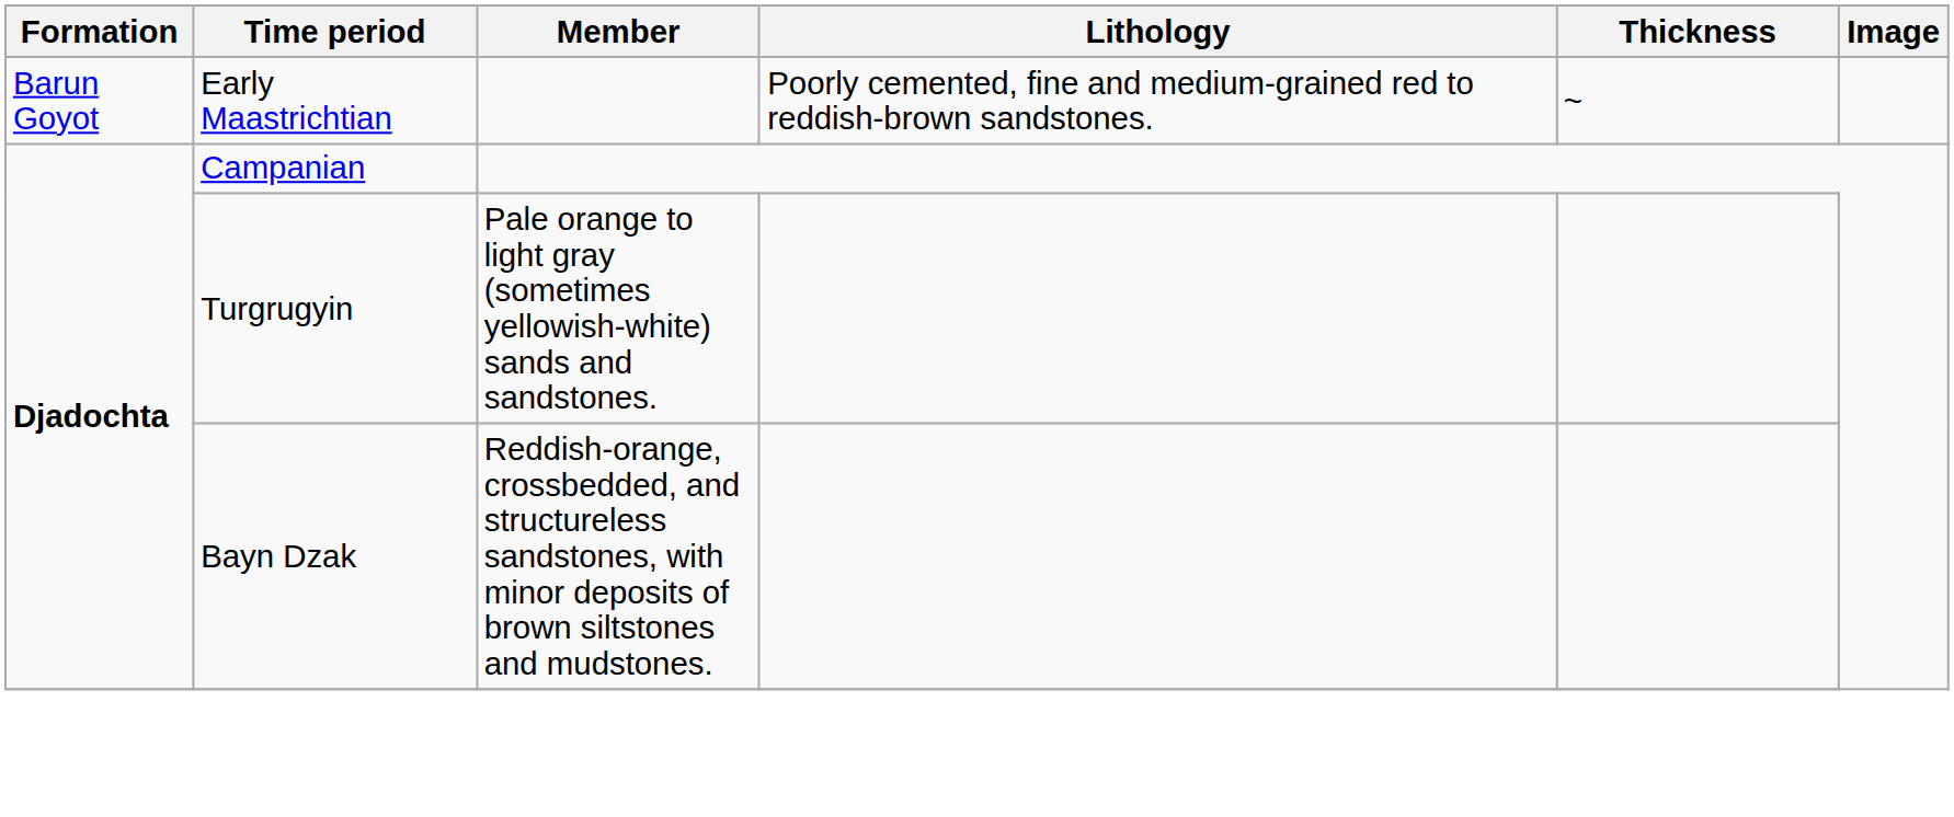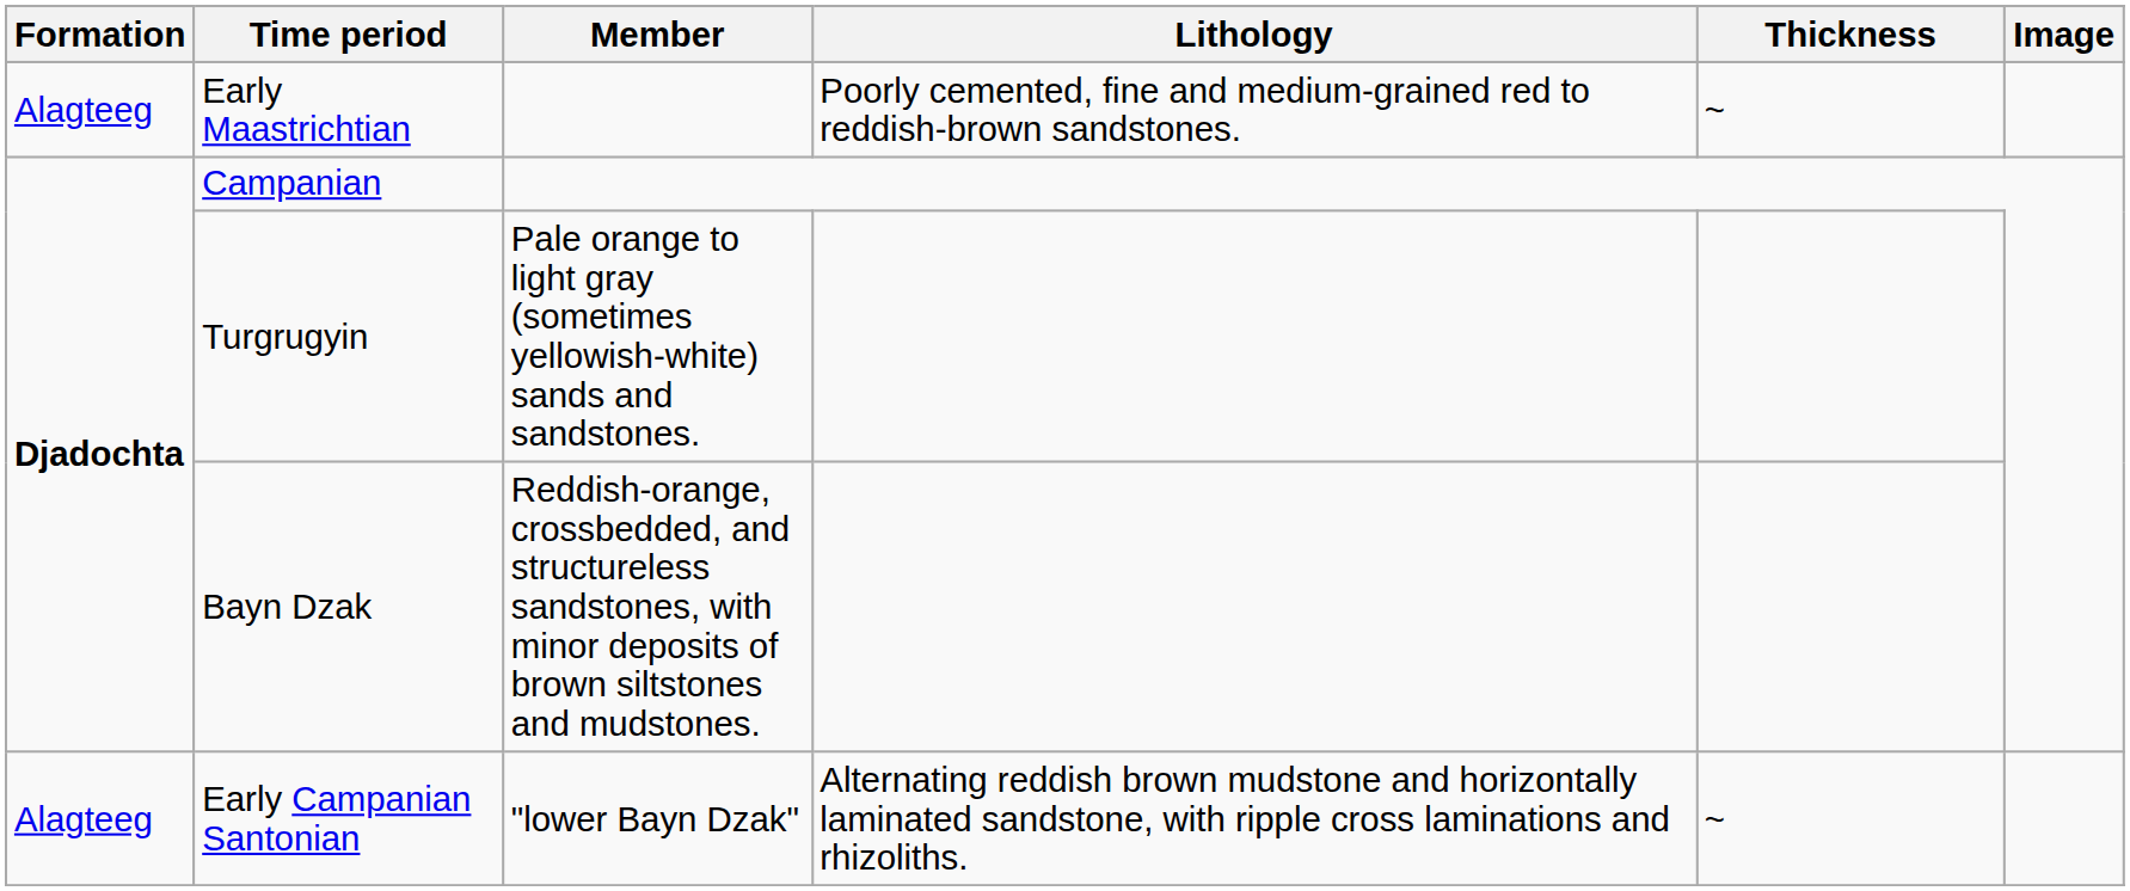 <table class="wikitable" style="font-size:90%">
 <tr>
 <th>Formation</th>
 <th width=120px>Time period</th>
 <th width=120px>Member</th>
 <th>Lithology</th>
 <th width=120px>Thickness</th>
 <th>Image</th>
 </tr>
 <tr>
-<td><a href='#'>Barun Goyot</a></td>
+<td><a href='#'>Alagteeg</a></td>
 <td style="background-color: ">Early <a href='#'>Maastrichtian</a></td>
 <td></td>
 <td>Poorly cemented, fine and medium-grained red to reddish-brown sandstones.</td>
 <td>~</td>
 <td></td>
 </tr>
 <tr>
 <td rowspan="3"><strong>Djadochta</strong></td>
 <td style="background-color: "><a href='#'>Campanian</a></td>
 </tr>
 <tr>
 <td>Turgrugyin</td>
 <td>Pale orange to light gray (sometimes yellowish-white) sands and sandstones.</td>
 <td></td>
 <td></td>
 </tr>
 <tr>
 <td>Bayn Dzak</td>
 <td>Reddish-orange, crossbedded, and structureless sandstones, with minor deposits of brown siltstones and mudstones.</td>
 <td></td>
 <td></td>
 </tr>
 <tr>
+<td><a href='#'>Alagteeg</a></td>
+<td style="background-color: ">Early <a href='#'>Campanian</a><br><a href='#'>Santonian</a></td>
+<td>"lower Bayn Dzak"</td>
+<td>Alternating reddish brown mudstone and horizontally laminated sandstone, with ripple cross laminations and rhizoliths.</td>
+<td>~</td>
+<td></td>
+</tr>
+<tr>
 </tr>
 </table>
